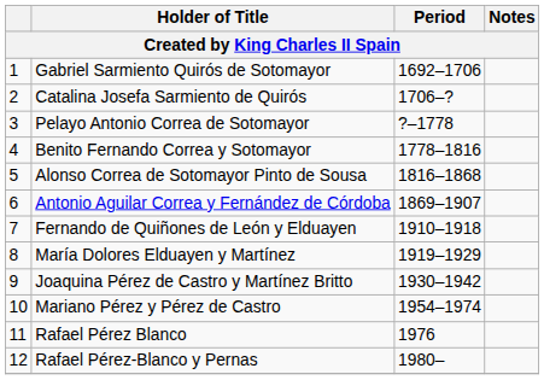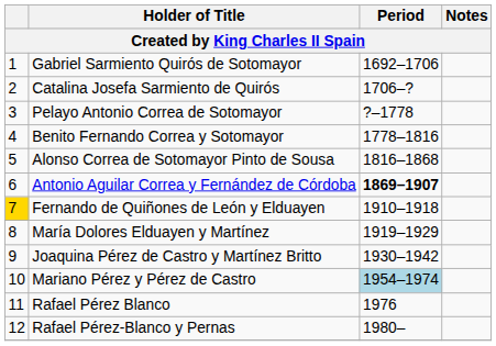 <table class="wikitable">
 <tr>
 <th></th>
 <th>Holder of Title</th>
 <th>Period</th>
 <th>Notes</th>
 </tr>
 <tr bgcolor="#dddddd" |>
 <th colspan="5">Created by <a href='#'>King Charles II Spain</a></th>
 </tr>
 <tr>
 <td>1</td>
 <td>Gabriel Sarmiento Quirós de Sotomayor</td>
 <td>1692–1706</td>
 <td></td>
 </tr>
 <tr>
 <td>2</td>
 <td>Catalina Josefa Sarmiento de Quirós</td>
 <td>1706–?</td>
 <td></td>
 </tr>
 <tr>
 <td>3</td>
 <td>Pelayo Antonio Correa de Sotomayor</td>
 <td>?–1778</td>
 <td></td>
 </tr>
 <tr>
 <td>4</td>
 <td>Benito Fernando Correa y Sotomayor</td>
 <td>1778–1816</td>
 <td></td>
 </tr>
 <tr>
 <td>5</td>
 <td>Alonso Correa de Sotomayor Pinto de Sousa</td>
 <td>1816–1868</td>
 <td></td>
 </tr>
 <tr>
 <td>6</td>
 <td><a href='#'>Antonio Aguilar Correa y Fernández de Córdoba</a></td>
-<td>1869–1907</td>
+<td><strong>1869–1907</strong></td>
 <td></td>
 </tr>
 <tr>
-<td>7</td>
+<td style="background: gold;">7</td>
 <td>Fernando de Quiñones de León y Elduayen</td>
 <td>1910–1918</td>
 <td></td>
 </tr>
 <tr>
 <td>8</td>
 <td>María Dolores Elduayen y Martínez</td>
 <td>1919–1929</td>
 <td></td>
 </tr>
 <tr>
 <td>9</td>
 <td>Joaquina Pérez de Castro y Martínez Britto</td>
 <td>1930–1942</td>
 <td></td>
 </tr>
 <tr>
 <td>10</td>
 <td>Mariano Pérez y Pérez de Castro</td>
-<td>1954–1974</td>
+<td style="background: lightblue;">1954–1974</td>
 <td></td>
 </tr>
 <tr>
 <td>11</td>
 <td>Rafael Pérez Blanco</td>
 <td>1976</td>
 <td></td>
 </tr>
 <tr>
 <td>12</td>
 <td>Rafael Pérez-Blanco y Pernas</td>
 <td>1980–</td>
 <td></td>
 </tr>
 <tr>
 </tr>
 </table>
